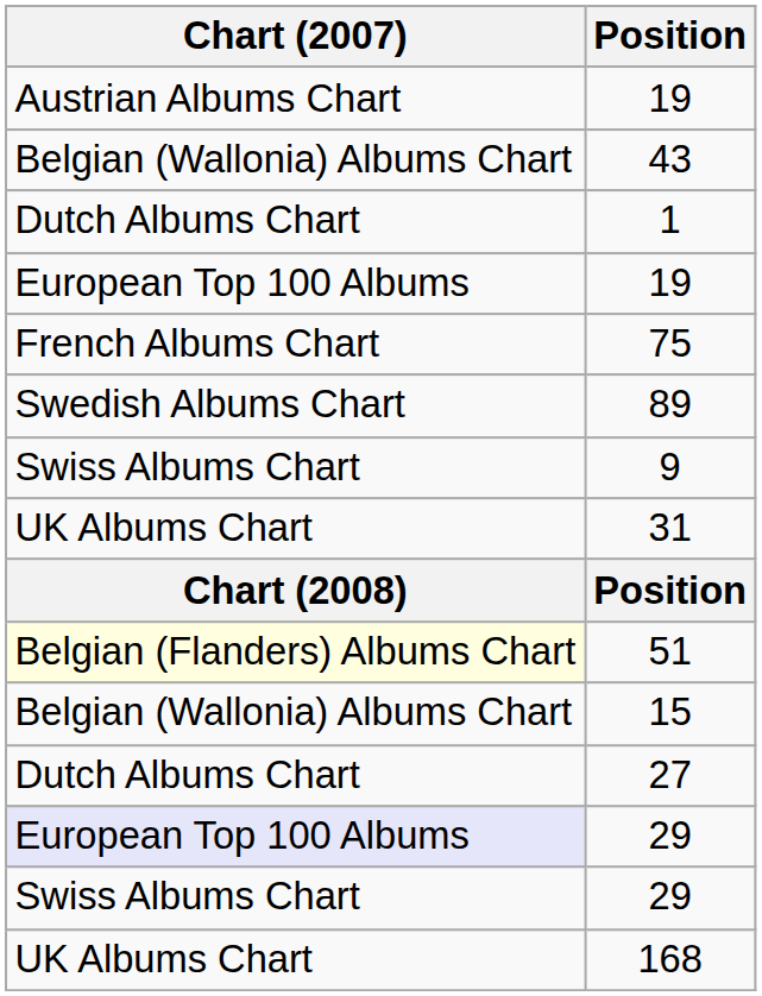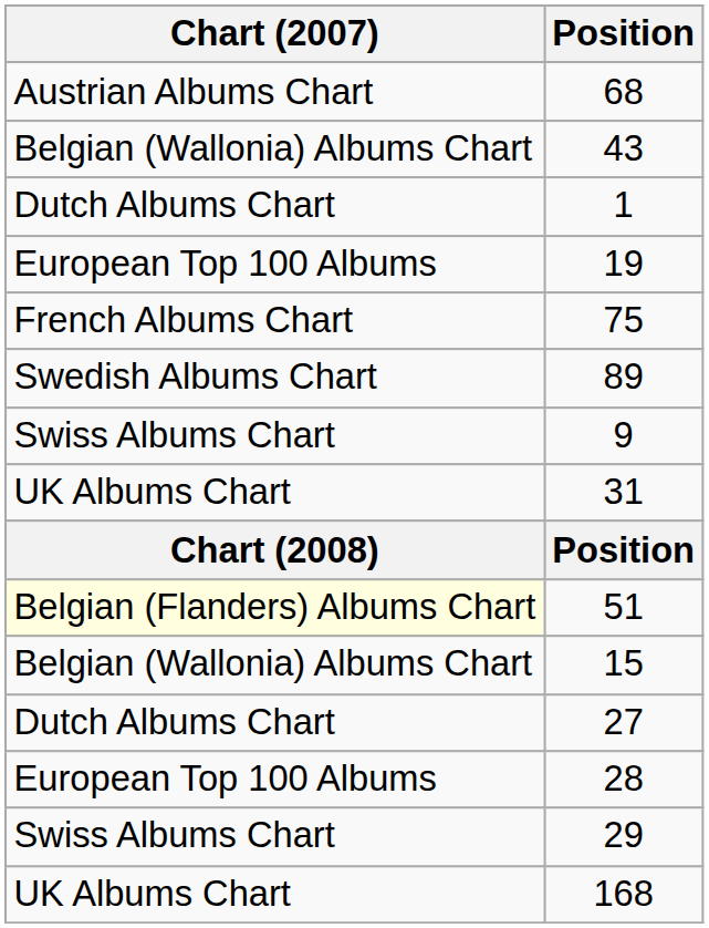 <table class="wikitable sortable">
 <tr>
 <th>Chart (2007)</th>
 <th>Position</th>
 </tr>
 <tr>
 <td>Austrian Albums Chart</td>
-<td style="text-align:center;">19</td>
+<td style="text-align:center;">68</td>
 </tr>
 <tr>
 <td>Belgian (Wallonia) Albums Chart</td>
 <td style="text-align:center;">43</td>
 </tr>
 <tr>
 <td>Dutch Albums Chart</td>
 <td style="text-align:center;">1</td>
 </tr>
 <tr>
 <td>European Top 100 Albums</td>
 <td style="text-align:center;">19</td>
 </tr>
 <tr>
 <td>French Albums Chart</td>
 <td style="text-align:center;">75</td>
 </tr>
 <tr>
 <td>Swedish Albums Chart</td>
 <td style="text-align:center;">89</td>
 </tr>
 <tr>
 <td>Swiss Albums Chart</td>
 <td style="text-align:center;">9</td>
 </tr>
 <tr>
 <td>UK Albums Chart</td>
 <td style="text-align:center;">31</td>
 </tr>
 <tr>
 <th>Chart (2008)</th>
 <th>Position</th>
 </tr>
 <tr>
 <td style="background: lightyellow;">Belgian (Flanders) Albums Chart</td>
 <td style="text-align:center;">51</td>
 </tr>
 <tr>
 <td>Belgian (Wallonia) Albums Chart</td>
 <td style="text-align:center;">15</td>
 </tr>
 <tr>
 <td>Dutch Albums Chart</td>
 <td style="text-align:center;">27</td>
 </tr>
 <tr>
-<td style="background: lavender;">European Top 100 Albums</td>
-<td style="text-align:center;">29</td>
+<td>European Top 100 Albums</td>
+<td style="text-align:center;">28</td>
 </tr>
 <tr>
 <td>Swiss Albums Chart</td>
 <td style="text-align:center;">29</td>
 </tr>
 <tr>
 <td>UK Albums Chart</td>
 <td style="text-align:center;">168</td>
 </tr>
 </table>
